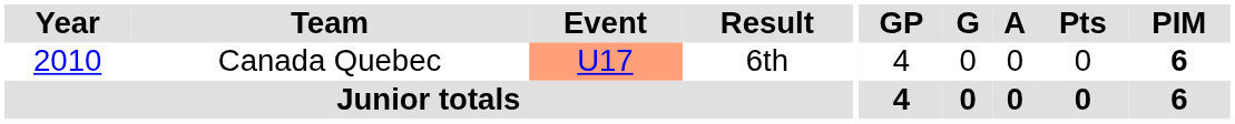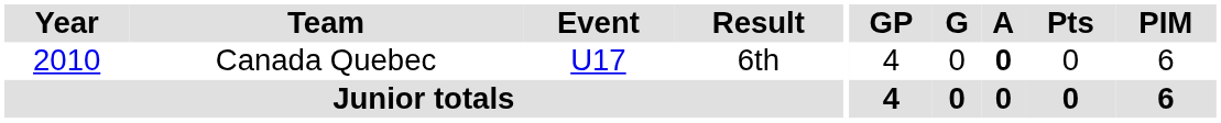 <table border="0" cellpadding="1" cellspacing="0" ID="Table3" style="text-align:center; width:40em">
 <tr ALIGN="center" bgcolor="#e0e0e0">
 <th>Year</th>
 <th>Team</th>
 <th>Event</th>
 <th>Result</th>
 <th rowspan="99" bgcolor="#ffffff"></th>
 <th>GP</th>
 <th>G</th>
 <th>A</th>
 <th>Pts</th>
 <th>PIM</th>
 </tr>
 <tr>
 <td><a href='#'>2010</a></td>
 <td>Canada Quebec</td>
-<td style="background: lightsalmon;"><a href='#'>U17</a></td>
+<td><a href='#'>U17</a></td>
 <td>6th</td>
 <td>4</td>
 <td>0</td>
+<td><strong>0</strong></td>
 <td>0</td>
-<td>0</td>
-<td><strong>6</strong></td>
+<td>6</td>
 </tr>
 <tr bgcolor="#e0e0e0">
 <th colspan="4">Junior totals</th>
 <th>4</th>
 <th>0</th>
 <th>0</th>
 <th>0</th>
 <th>6</th>
 </tr>
 </table>
